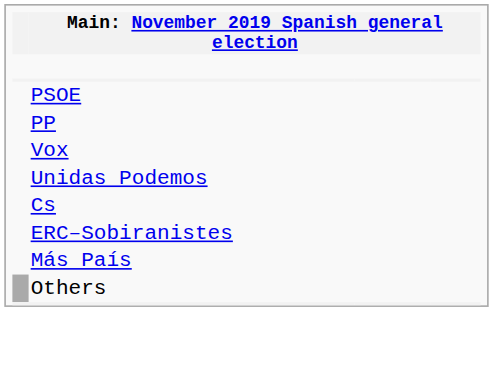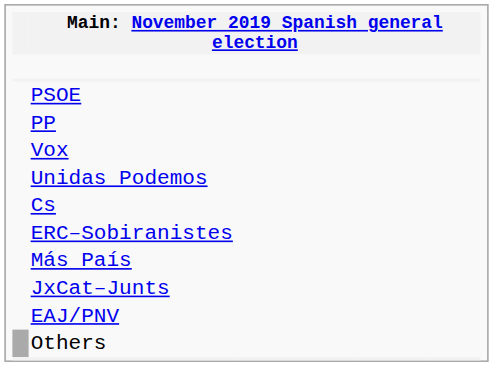 <table class="infobox vcard" style="width:23.0em; padding:0.3em; padding-bottom:0em;" cellspacing=0>
 <tr>
 <td style="background:#F2F2F2; vertical-align:middle; padding:0.4em;" width="30px"></td>
 <th colspan="4" style="text-align:center; background:#F2F2F2; font-size:0.85em; width:100%; vertical-align:middle;">Main: <a href='#'>November 2019 Spanish general election</a></th>
 </tr>
 <tr>
 <td colspan="5" style="text-align:center; font-size:0.85em; padding:0.5em 0em;">  </td>
 </tr>
 <tr>
 <td colspan="5"></td>
 </tr>
 <tr>
 <td colspan="5"></td>
 </tr>
 <tr>
 <th colspan="2" width="85px" style="background:#F2F2F2;"></th>
 <th width="70px" style="background:#F2F2F2;"></th>
 <th width="45px" style="background:#F2F2F2;"></th>
 <th width="30px" style="background:#F2F2F2;"></th>
 </tr>
 <tr>
 <td style="background:"></td>
 <td><a href='#'>PSOE</a></td>
 <td></td>
 <td></td>
 <td></td>
 </tr>
 <tr>
 <td style="background:"></td>
 <td><a href='#'>PP</a></td>
 <td></td>
 <td></td>
 <td></td>
 </tr>
 <tr>
 <td style="background:"></td>
 <td><a href='#'>Vox</a></td>
 <td></td>
 <td></td>
 <td></td>
 </tr>
 <tr>
 <td style="background:"></td>
 <td><a href='#'>Unidas Podemos</a></td>
 <td></td>
 <td></td>
 <td></td>
 </tr>
 <tr>
 <td style="background:"></td>
 <td><a href='#'>Cs</a></td>
 <td></td>
 <td></td>
 <td></td>
 </tr>
 <tr>
 <td style="background:"></td>
 <td><a href='#'>ERC–Sobiranistes</a></td>
 <td></td>
 <td></td>
 <td></td>
 </tr>
 <tr>
 <td style="background:"></td>
 <td><a href='#'>Más País</a></td>
 <td></td>
 <td></td>
 <td></td>
 </tr>
 <tr>
+<td style="background:"></td>
+<td><a href='#'>JxCat–Junts</a></td>
+<td></td>
+<td></td>
+<td></td>
+</tr>
+<tr>
+<td style="background:"></td>
+<td><a href='#'>EAJ/PNV</a></td>
+<td></td>
+<td></td>
+<td></td>
+</tr>
+<tr>
 <td style="background:#AAAAAA;"></td>
 <td>Others</td>
 <td></td>
 <td></td>
 <td></td>
 </tr>
 <tr>
 <th colspan="2" style="background:#F2F2F2;"></th>
 <th style="background:#F2F2F2;"></th>
 <th style="background:#F2F2F2;"></th>
 <th style="background:#F2F2F2;"></th>
 </tr>
 </table>
